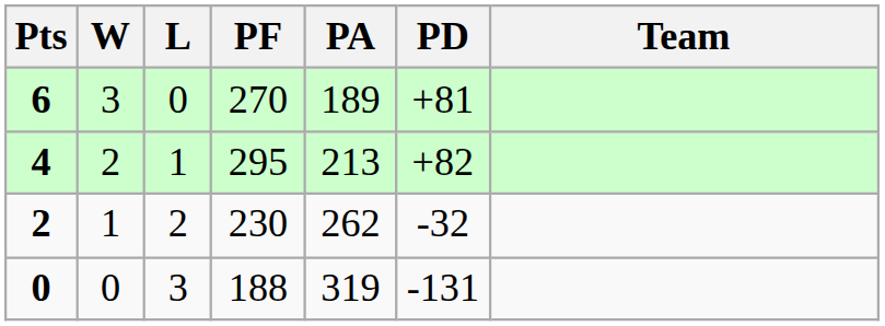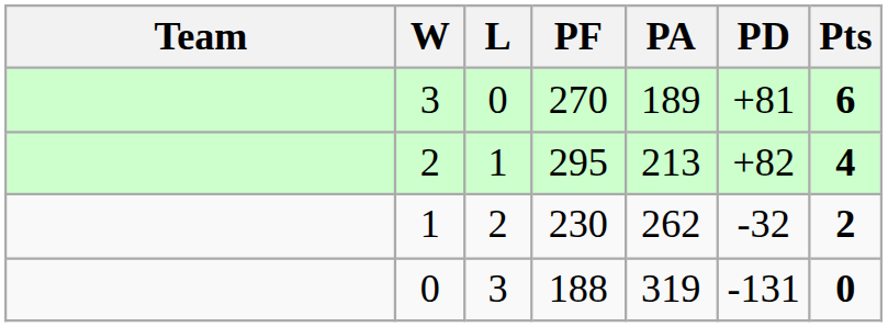 <table class="wikitable" style="text-align:center;">
 <tr>
-<th width=20>Pts</th>
+<th width=150>Team</th>
 <th width=20>W</th>
 <th width=20>L</th>
 <th width=30>PF</th>
 <th width=30>PA</th>
 <th width=30>PD</th>
-<th width=150>Team</th>
+<th width=20>Pts</th>
 </tr>
 <tr bgcolor="#ccffcc">
-<td><strong>6</strong></td>
+<td align="left"></td>
 <td>3</td>
 <td>0</td>
 <td>270</td>
 <td>189</td>
 <td>+81</td>
-<td align="left"></td>
+<td><strong>6</strong></td>
 </tr>
 <tr bgcolor="#ccffcc">
-<td><strong>4</strong></td>
+<td align="left"></td>
 <td>2</td>
 <td>1</td>
 <td>295</td>
 <td>213</td>
 <td>+82</td>
-<td align="left"></td>
+<td><strong>4</strong></td>
 </tr>
 <tr>
-<td><strong>2</strong></td>
+<td align="left"></td>
 <td>1</td>
 <td>2</td>
 <td>230</td>
 <td>262</td>
 <td>-32</td>
-<td align="left"></td>
+<td><strong>2</strong></td>
 </tr>
 <tr>
-<td><strong>0</strong></td>
+<td align="left"></td>
 <td>0</td>
 <td>3</td>
 <td>188</td>
 <td>319</td>
 <td>-131</td>
-<td align="left"></td>
+<td><strong>0</strong></td>
 </tr>
 </table>
